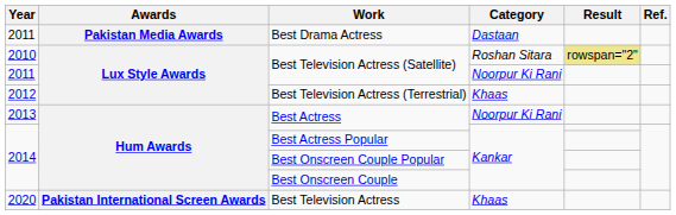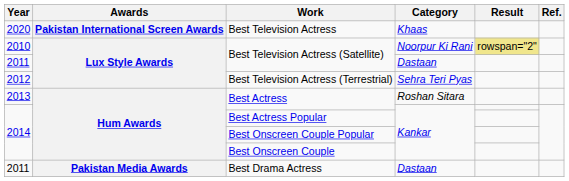 <table class="wikitable plainrowheaders">
 <tr>
 <th scope="col">Year</th>
 <th scope="col">Awards</th>
 <th scope="col">Work</th>
 <th scope="col">Category</th>
 <th scope="col">Result</th>
 <th scope="col">Ref.</th>
 </tr>
 <tr>
-<td>2011</td>
-<th scope="row"><a href='#'>Pakistan Media Awards</a></th>
-<td>Best Drama Actress</td>
-<td><em><a href='#'>Dastaan</a></em></td>
+<td><a href='#'>2020</a></td>
+<th scope="row"><a href='#'>Pakistan International Screen Awards</a></th>
+<td>Best Television Actress</td>
+<td><em><a href='#'>Khaas</a></em></td>
 <td></td>
 <td></td>
 </tr>
 <tr>
 <td><a href='#'>2010</a></td>
 <th rowspan="3" scope="row"><a href='#'>Lux Style Awards</a></th>
 <td rowspan="2">Best Television Actress (Satellite)</td>
-<td><em>Roshan Sitara</em></td>
+<td><em><a href='#'>Noorpur Ki Rani</a></em></td>
 <td style="background: khaki;">rowspan="2" </td>
 <td></td>
 </tr>
 <tr>
 <td><a href='#'>2011</a></td>
-<td><em><a href='#'>Noorpur Ki Rani</a></em></td>
+<td><em><a href='#'>Dastaan</a></em></td>
 <td></td>
 </tr>
 <tr>
 <td><a href='#'>2012</a></td>
 <td>Best Television Actress (Terrestrial)</td>
-<td><em><a href='#'>Khaas</a></em></td>
+<td><em><a href='#'>Sehra Teri Pyas</a></em></td>
 <td></td>
 <td></td>
 </tr>
 <tr>
 <td><a href='#'>2013</a></td>
 <th rowspan="5" scope="row"><a href='#'>Hum Awards</a></th>
 <td rowspan="2"><a href='#'>Best Actress</a></td>
-<td><em><a href='#'>Noorpur Ki Rani</a></em></td>
+<td><em>Roshan Sitara</em></td>
 <td></td>
 <td></td>
 </tr>
 <tr>
 <td rowspan="4"><a href='#'>2014</a></td>
 <td rowspan="4"><em><a href='#'>Kankar</a></em></td>
 <td></td>
 <td rowspan="4"></td>
 </tr>
 <tr>
 <td><a href='#'>Best Actress Popular</a></td>
 <td></td>
 </tr>
 <tr>
 <td><a href='#'>Best Onscreen Couple Popular</a></td>
 <td></td>
 </tr>
 <tr>
 <td><a href='#'>Best Onscreen Couple</a></td>
 <td></td>
 </tr>
 <tr>
-<td><a href='#'>2020</a></td>
-<th scope="row"><a href='#'>Pakistan International Screen Awards</a></th>
-<td>Best Television Actress</td>
-<td><em><a href='#'>Khaas</a></em></td>
+<td>2011</td>
+<th scope="row"><a href='#'>Pakistan Media Awards</a></th>
+<td>Best Drama Actress</td>
+<td><em><a href='#'>Dastaan</a></em></td>
 <td></td>
 <td></td>
 </tr>
 </table>
